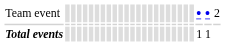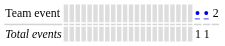 <table>
 <tr>
 <td align=left>Team event</td>
 <td style="background:#ddd"> </td>
 <td style="background:#ddd"> </td>
 <td style="background:#ddd"> </td>
 <td style="background:#ddd"> </td>
 <td style="background:#ddd"> </td>
 <td style="background:#ddd"> </td>
 <td style="background:#ddd"> </td>
 <td style="background:#ddd"> </td>
 <td style="background:#ddd"> </td>
 <td style="background:#ddd"> </td>
 <td style="background:#ddd"> </td>
 <td style="background:#ddd"> </td>
 <td style="background:#ddd"> </td>
 <td style="background:#ddd"> </td>
 <td style="background:#ddd"> </td>
 <td style="background:#ddd"> </td>
 <td style="background:#ddd"> </td>
 <td style="background:#ddd"> </td>
 <td style="background:#ddd"> </td>
 <td style="background:#ddd"> </td>
 <td style="background:#ddd"> </td>
 <td style="background:#ddd"> </td>
 <td><big><strong><a href='#'>•</a></strong></big></td>
 <td><big><strong><a href='#'>•</a></strong></big></td>
 <td>2</td>
 </tr>
 <tr bgcolor=lightgray>
 <td></td>
 <td></td>
 <td></td>
 <td></td>
 <td></td>
 <td></td>
 <td></td>
 <td></td>
 <td></td>
 <td></td>
 <td></td>
 <td></td>
 <td></td>
 <td></td>
 <td></td>
 <td></td>
 <td></td>
 <td></td>
 <td></td>
 <td></td>
 <td></td>
 <td></td>
 <td></td>
 <td></td>
 <td></td>
 <td></td>
 </tr>
 <tr>
-<td><strong><em>Total events</em></strong></td>
+<td><em>Total events</em></td>
 <td style="background:#ddd"> </td>
 <td style="background:#ddd"> </td>
 <td style="background:#ddd"> </td>
 <td style="background:#ddd"> </td>
 <td style="background:#ddd"> </td>
 <td style="background:#ddd"> </td>
 <td style="background:#ddd"> </td>
 <td style="background:#ddd"> </td>
 <td style="background:#ddd"> </td>
 <td style="background:#ddd"> </td>
 <td style="background:#ddd"> </td>
 <td style="background:#ddd"> </td>
 <td style="background:#ddd"> </td>
 <td style="background:#ddd"> </td>
 <td style="background:#ddd"> </td>
 <td style="background:#ddd"> </td>
 <td style="background:#ddd"> </td>
 <td style="background:#ddd"> </td>
 <td style="background:#ddd"> </td>
 <td style="background:#ddd"> </td>
 <td style="background:#ddd"> </td>
 <td style="background:#ddd"> </td>
 <td>1</td>
 <td>1</td>
 </tr>
 </table>
